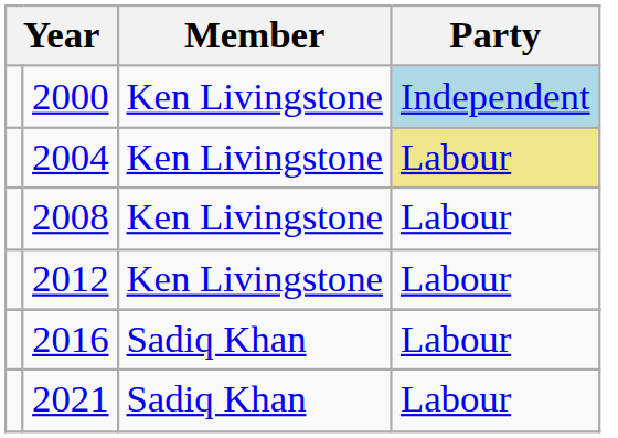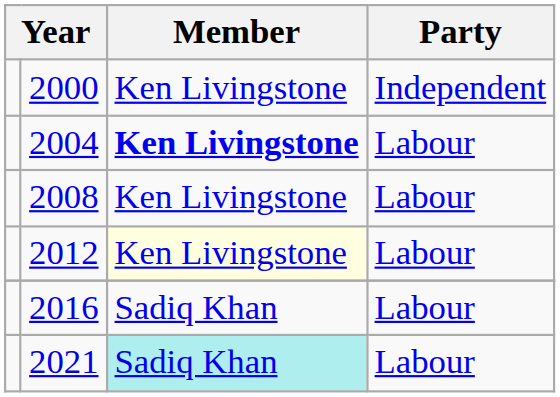 <table class="wikitable">
 <tr>
 <th colspan="2">Year</th>
 <th>Member</th>
 <th>Party</th>
 </tr>
 <tr>
 <td style="background-color: "></td>
 <td><a href='#'>2000</a></td>
 <td><a href='#'>Ken Livingstone</a></td>
-<td style="background: lightblue;"><a href='#'>Independent</a></td>
+<td><a href='#'>Independent</a></td>
 </tr>
 <tr>
 <td style="background-color: "></td>
 <td><a href='#'>2004</a></td>
-<td><a href='#'>Ken Livingstone</a></td>
-<td style="background: khaki;"><a href='#'>Labour</a></td>
+<td><strong><a href='#'>Ken Livingstone</a></strong></td>
+<td><a href='#'>Labour</a></td>
 </tr>
 <tr>
 <td style="background-color: "></td>
 <td><a href='#'>2008</a></td>
 <td><a href='#'>Ken Livingstone</a></td>
 <td><a href='#'>Labour</a></td>
 </tr>
 <tr>
 <td style="background-color: "></td>
 <td><a href='#'>2012</a></td>
-<td><a href='#'>Ken Livingstone</a></td>
+<td style="background: lightyellow;"><a href='#'>Ken Livingstone</a></td>
 <td><a href='#'>Labour</a></td>
 </tr>
 <tr>
 </tr>
 <tr>
 <td style="background-color: "></td>
 <td><a href='#'>2016</a></td>
 <td><a href='#'>Sadiq Khan</a></td>
 <td><a href='#'>Labour</a></td>
 </tr>
 <tr>
 <td style="background-color: "></td>
 <td><a href='#'>2021</a></td>
-<td><a href='#'>Sadiq Khan</a></td>
+<td style="background: paleturquoise;"><a href='#'>Sadiq Khan</a></td>
 <td><a href='#'>Labour</a></td>
 </tr>
 </table>
